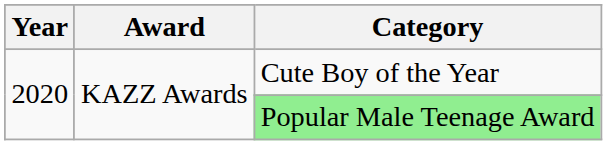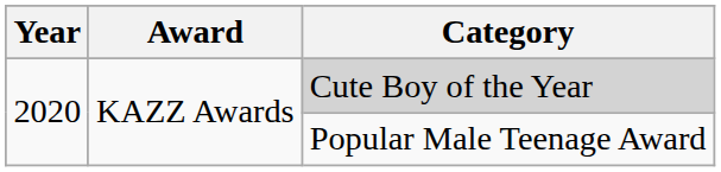 <table class="wikitable">
 <tr>
 <th>Year</th>
 <th>Award</th>
 <th>Category</th>
 </tr>
 <tr>
 <td rowspan="2">2020</td>
 <td rowspan="2">KAZZ Awards</td>
-<td>Cute Boy of the Year</td>
+<td style="background: lightgrey;">Cute Boy of the Year</td>
 </tr>
 <tr>
-<td style="background: lightgreen;">Popular Male Teenage Award</td>
+<td>Popular Male Teenage Award</td>
 </tr>
 </table>
